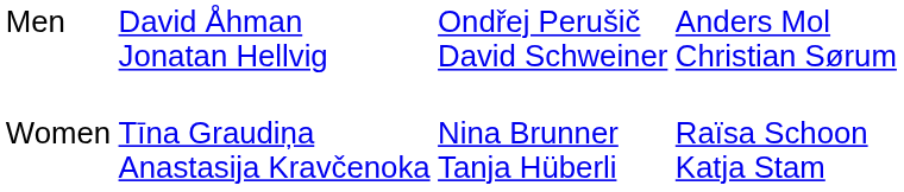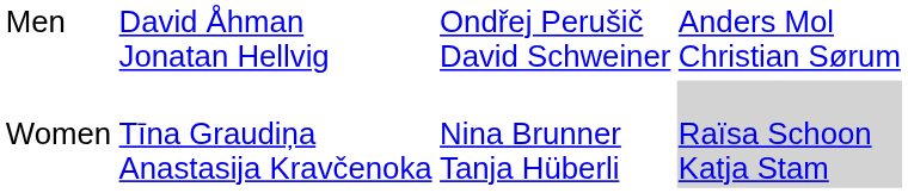 <table>
 <tr>
 <td>Men<br></td>
 <td><br><a href='#'>David Åhman</a><br><a href='#'>Jonatan Hellvig</a></td>
 <td><br><a href='#'>Ondřej Perušič</a><br><a href='#'>David Schweiner</a></td>
 <td><br><a href='#'>Anders Mol</a><br><a href='#'>Christian Sørum</a></td>
 </tr>
 <tr>
 <td>Women<br></td>
 <td><br><a href='#'>Tīna Graudiņa</a><br><a href='#'>Anastasija Kravčenoka</a></td>
 <td><br><a href='#'>Nina Brunner</a><br><a href='#'>Tanja Hüberli</a></td>
-<td><br><a href='#'>Raïsa Schoon</a><br><a href='#'>Katja Stam</a></td>
+<td style="background: lightgrey;"><br><a href='#'>Raïsa Schoon</a><br><a href='#'>Katja Stam</a></td>
 </tr>
 </table>
